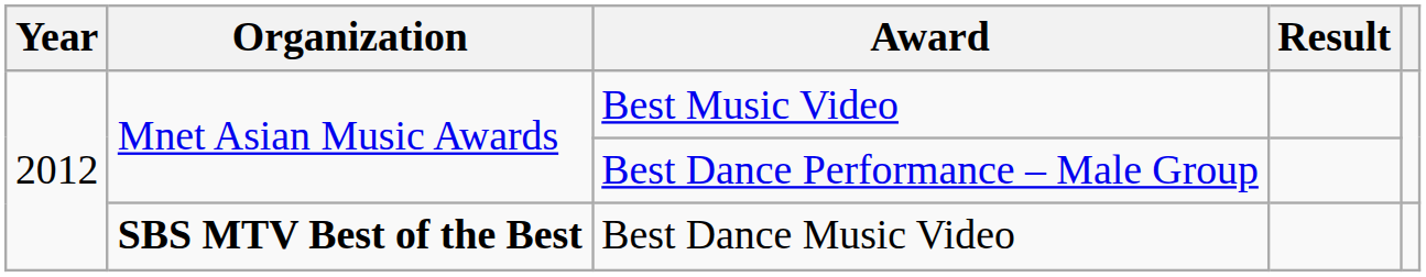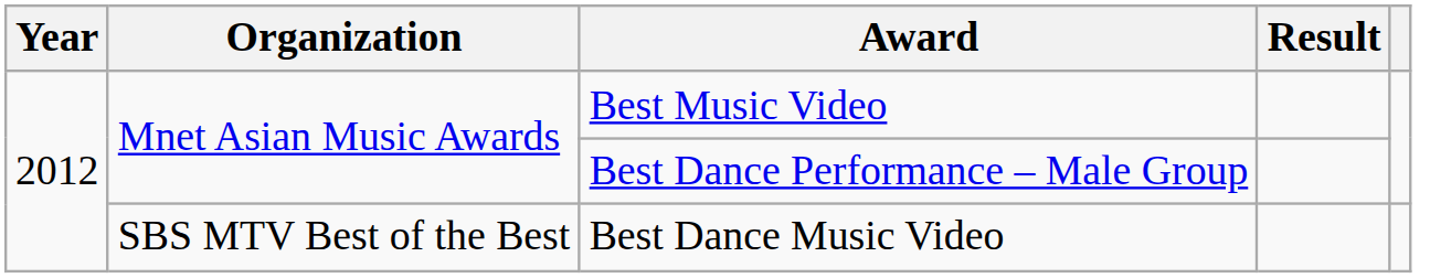 <table class="wikitable plainrowheaders">
 <tr>
 <th scope="col">Year</th>
 <th scope="col">Organization</th>
 <th scope="col">Award</th>
 <th scope="col">Result</th>
 <th class="unsortable"></th>
 </tr>
 <tr>
 <td rowspan="3">2012</td>
 <td rowspan="2"><a href='#'>Mnet Asian Music Awards</a></td>
 <td><a href='#'>Best Music Video</a></td>
 <td></td>
 <td rowspan="2" align="center"></td>
 </tr>
 <tr>
 <td><a href='#'>Best Dance Performance – Male Group</a></td>
 <td></td>
 </tr>
 <tr>
-<td><strong>SBS MTV Best of the Best</strong></td>
+<td>SBS MTV Best of the Best</td>
 <td>Best Dance Music Video</td>
 <td></td>
 <td></td>
 </tr>
 </table>
